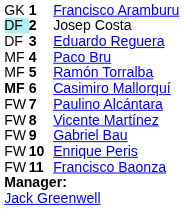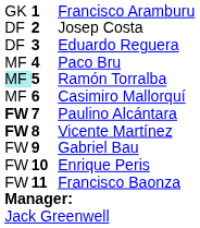 <table style="font-size:90%; margin:0.2em auto;" cellspacing="0" cellpadding="0">
 <tr>
 <th width="25"></th>
 <th width="25"></th>
 </tr>
 <tr>
 <td>GK</td>
 <td><strong>1</strong></td>
 <td> <a href='#'>Francisco Aramburu</a></td>
 </tr>
 <tr>
-<td style="background: paleturquoise;">DF</td>
+<td>DF</td>
 <td><strong>2</strong></td>
 <td> Josep Costa</td>
 </tr>
 <tr>
 <td>DF</td>
 <td><strong>3</strong></td>
 <td> <a href='#'>Eduardo Reguera</a></td>
 </tr>
 <tr>
 <td>MF</td>
 <td><strong>4</strong></td>
 <td> <a href='#'>Paco Bru</a></td>
 </tr>
 <tr>
-<td>MF</td>
+<td style="background: paleturquoise;">MF</td>
 <td><strong>5</strong></td>
 <td> <a href='#'>Ramón Torralba</a></td>
 </tr>
 <tr>
-<td><strong>MF</strong></td>
+<td>MF</td>
 <td><strong>6</strong></td>
 <td> <a href='#'>Casimiro Mallorquí</a></td>
 </tr>
 <tr>
-<td>FW</td>
+<td><strong>FW</strong></td>
 <td><strong>7</strong></td>
 <td> <a href='#'>Paulino Alcántara</a></td>
 </tr>
 <tr>
-<td>FW</td>
+<td><strong>FW</strong></td>
 <td><strong>8</strong></td>
 <td> <a href='#'>Vicente Martínez</a></td>
 </tr>
 <tr>
 <td>FW</td>
 <td><strong>9</strong></td>
 <td> <a href='#'>Gabriel Bau</a></td>
 </tr>
 <tr>
 <td>FW</td>
 <td><strong>10</strong></td>
 <td> <a href='#'>Enrique Peris</a></td>
 </tr>
 <tr>
 <td>FW</td>
 <td><strong>11</strong></td>
 <td> <a href='#'>Francisco Baonza</a></td>
 </tr>
 <tr>
 <td colspan=3><strong>Manager:</strong></td>
 </tr>
 <tr>
 <td colspan=4><a href='#'>Jack Greenwell</a></td>
 </tr>
 </table>
